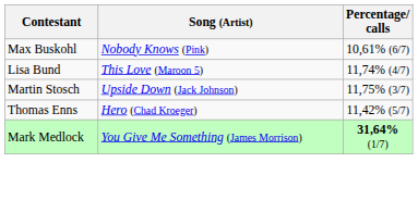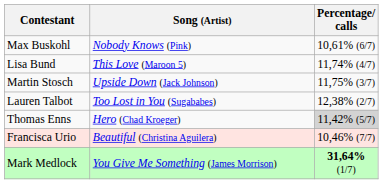 <table class="wikitable">
 <tr>
 <th width="110">Contestant</th>
 <th width="300">Song <small>(Artist)</small></th>
 <th width="28">Percentage/<br>calls</th>
 </tr>
 <tr>
 <td align="left">Max Buskohl</td>
 <td align="left"><em><a href='#'>Nobody Knows</a></em> <small>(<a href='#'>Pink</a>)</small></td>
 <td align="center">10,61% <small>(6/7)</small></td>
 </tr>
 <tr>
 <td align="left">Lisa Bund</td>
 <td align="left"><em><a href='#'>This Love</a></em> <small>(<a href='#'>Maroon 5</a>)</small></td>
 <td align="center">11,74% <small>(4/7)</small></td>
 </tr>
 <tr>
 <td align="left">Martin Stosch</td>
 <td align="left"><em><a href='#'>Upside Down</a></em> <small>(<a href='#'>Jack Johnson</a>)</small></td>
 <td align="center">11,75% <small>(3/7)</small></td>
 </tr>
 <tr>
+<td align="left">Lauren Talbot</td>
+<td align="left"><em><a href='#'>Too Lost in You</a></em> <small>(<a href='#'>Sugababes</a>)</small></td>
+<td align="center">12,38% <small>(2/7)</small></td>
+</tr>
+<tr>
 <td align="left">Thomas Enns</td>
 <td align="left"><em><a href='#'>Hero</a></em> <small>(<a href='#'>Chad Kroeger</a>)</small></td>
-<td align="center">11,42% <small>(5/7)</small></td>
+<td align="center" style="background: lightgrey;">11,42% <small>(5/7)</small></td>
+</tr>
+<tr bgcolor="#FFE4E1">
+<td align="left">Francisca Urio</td>
+<td align="left"><em><a href='#'>Beautiful</a></em> <small>(<a href='#'>Christina Aguilera</a>)</small></td>
+<td align="center">10,46% <small>(7/7)</small></td>
 </tr>
 <tr bgcolor="#C1FFC1">
 <td align="left">Mark Medlock</td>
 <td align="left"><em><a href='#'>You Give Me Something</a></em> <small>(<a href='#'>James Morrison</a>)</small></td>
 <td align="center"><strong>31,64%</strong> <small>(1/7)</small></td>
 </tr>
 </table>
